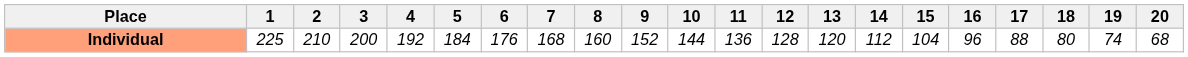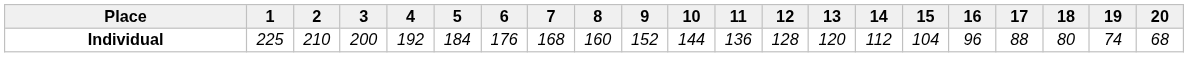 <table border="1" cellpadding="2" cellspacing="0" style="border:1px solid #C0C0C0; border-collapse:collapse; font-size:86%; margin-top:1em; text-align:center" width="1000">
 <tr bgcolor="#F0F0F0">
 <td width=150><strong>Place</strong></td>
 <td width=25><strong>1</strong></td>
 <td width="25"><strong>2</strong></td>
 <td width="25"><strong>3</strong></td>
 <td width="25"><strong>4</strong></td>
 <td width="25"><strong>5</strong></td>
 <td width="25"><strong>6</strong></td>
 <td width="25"><strong>7</strong></td>
 <td width="25"><strong>8</strong></td>
 <td width="25"><strong>9</strong></td>
 <td width="25"><strong>10</strong></td>
 <td width="25"><strong>11</strong></td>
 <td width="25"><strong>12</strong></td>
 <td width="25"><strong>13</strong></td>
 <td width="25"><strong>14</strong></td>
 <td width="25"><strong>15</strong></td>
 <td width="25"><strong>16</strong></td>
 <td width="25"><strong>17</strong></td>
 <td width="25"><strong>18</strong></td>
 <td width="25"><strong>19</strong></td>
 <td width="25"><strong>20</strong></td>
 </tr>
 <tr>
-<td style="background: lightsalmon;"><strong>Individual</strong></td>
+<td><strong>Individual</strong></td>
 <td rowspan="2"><em>225</em></td>
 <td rowspan="2"><em>210</em></td>
 <td rowspan="2"><em>200</em></td>
 <td rowspan="2"><em>192</em></td>
 <td rowspan="2"><em>184</em></td>
 <td rowspan="2"><em>176</em></td>
 <td rowspan="2"><em>168</em></td>
 <td rowspan="2"><em>160</em></td>
 <td rowspan="2"><em>152</em></td>
 <td rowspan="2"><em>144</em></td>
 <td rowspan="2"><em>136</em></td>
 <td rowspan="2"><em>128</em></td>
 <td rowspan="2"><em>120</em></td>
 <td rowspan="2"><em>112</em></td>
 <td rowspan="2"><em>104</em></td>
 <td rowspan="2"><em>96</em></td>
 <td rowspan="2"><em>88</em></td>
 <td rowspan="2"><em>80</em></td>
 <td rowspan="2"><em>74</em></td>
 <td rowspan="2"><em>68</em></td>
 </tr>
 </table>
